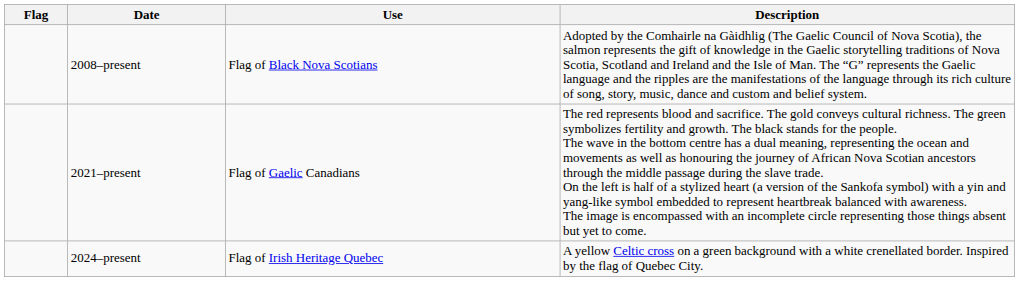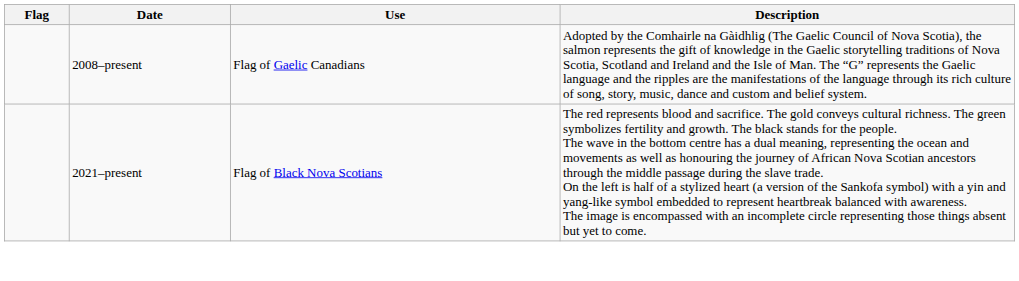 <table class="wikitable">
 <tr>
 <th scope="col">Flag</th>
 <th scope="col">Date</th>
 <th scope="col">Use</th>
 <th scope="col" style="width: 45%;">Description</th>
 </tr>
 <tr>
 <td></td>
 <td>2008–present</td>
-<td>Flag of <a href='#'>Black Nova Scotians</a></td>
+<td>Flag of <a href='#'>Gaelic</a> Canadians</td>
 <td>Adopted by the Comhairle na Gàidhlig (The Gaelic Council of Nova Scotia), the salmon represents the gift of knowledge in the Gaelic storytelling traditions of Nova Scotia, Scotland and Ireland and the Isle of Man. The “G” represents the Gaelic language and the ripples are the manifestations of the language through its rich culture of song, story, music, dance and custom and belief system.</td>
 </tr>
 <tr>
 <td></td>
 <td>2021–present</td>
-<td>Flag of <a href='#'>Gaelic</a> Canadians</td>
+<td>Flag of <a href='#'>Black Nova Scotians</a></td>
 <td>The red represents blood and sacrifice. The gold conveys cultural richness. The green symbolizes fertility and growth. The black stands for the people.<br>The wave in the bottom centre has a dual meaning, representing the ocean and movements as well as honouring the journey of African Nova Scotian ancestors through the middle passage during the slave trade.<br>On the left is half of a stylized heart (a version of the Sankofa symbol) with a yin and yang-like symbol embedded to represent heartbreak balanced with awareness.<br>The image is encompassed with an incomplete circle representing those things absent but yet to come.</td>
 </tr>
-<tr>
-<td></td>
-<td>2024–present</td>
-<td>Flag of <a href='#'>Irish Heritage Quebec</a></td>
-<td>A yellow <a href='#'>Celtic cross</a> on a green background with a white crenellated border. Inspired by the flag of Quebec City.</td>
-</tr>
 </table>
